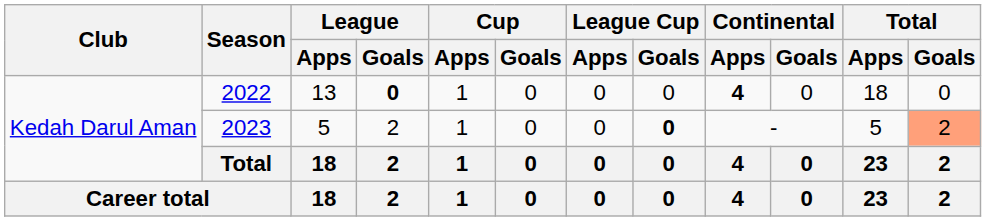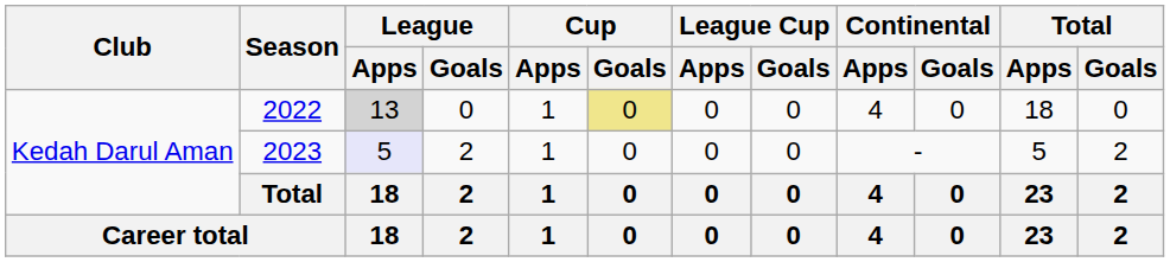 <table class="wikitable" style="text-align: center;">
 <tr>
 <th rowspan="2">Club</th>
 <th rowspan="2">Season</th>
 <th colspan="2">League</th>
 <th colspan="2">Cup</th>
 <th colspan="2">League Cup</th>
 <th colspan="2">Continental</th>
 <th colspan="2">Total</th>
 </tr>
 <tr>
 <th>Apps</th>
 <th>Goals</th>
 <th>Apps</th>
 <th>Goals</th>
 <th>Apps</th>
 <th>Goals</th>
 <th>Apps</th>
 <th>Goals</th>
 <th>Apps</th>
 <th>Goals</th>
 </tr>
 <tr>
 <td rowspan="3" valign="center"><a href='#'>Kedah Darul Aman</a></td>
 <td><a href='#'>2022</a></td>
-<td>13</td>
-<td><strong>0</strong></td>
+<td style="background: lightgrey;">13</td>
+<td>0</td>
 <td>1</td>
+<td style="background: khaki;">0</td>
 <td>0</td>
 <td>0</td>
-<td>0</td>
-<td><strong>4</strong></td>
+<td>4</td>
 <td>0</td>
 <td>18</td>
 <td>0</td>
 </tr>
 <tr>
 <td><a href='#'>2023</a></td>
-<td>5</td>
+<td style="background: lavender;">5</td>
 <td>2</td>
 <td>1</td>
 <td>0</td>
 <td>0</td>
-<td><strong>0</strong></td>
+<td>0</td>
 <td colspan="2">-</td>
 <td>5</td>
-<td style="background: lightsalmon;">2</td>
+<td>2</td>
 </tr>
 <tr>
 <th>Total</th>
 <th>18</th>
 <th>2</th>
 <th>1</th>
 <th>0</th>
 <th>0</th>
 <th>0</th>
 <th>4</th>
 <th>0</th>
 <th>23</th>
 <th>2</th>
 </tr>
 <tr>
 <th colspan="2">Career total</th>
 <th>18</th>
 <th>2</th>
 <th>1</th>
 <th>0</th>
 <th>0</th>
 <th>0</th>
 <th>4</th>
 <th>0</th>
 <th>23</th>
 <th>2</th>
 </tr>
 </table>
